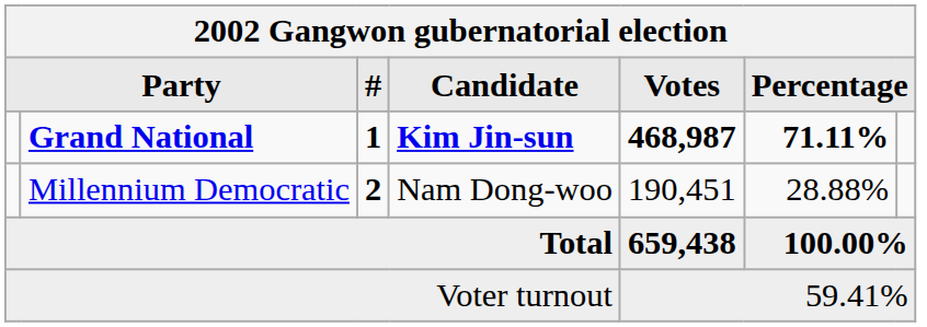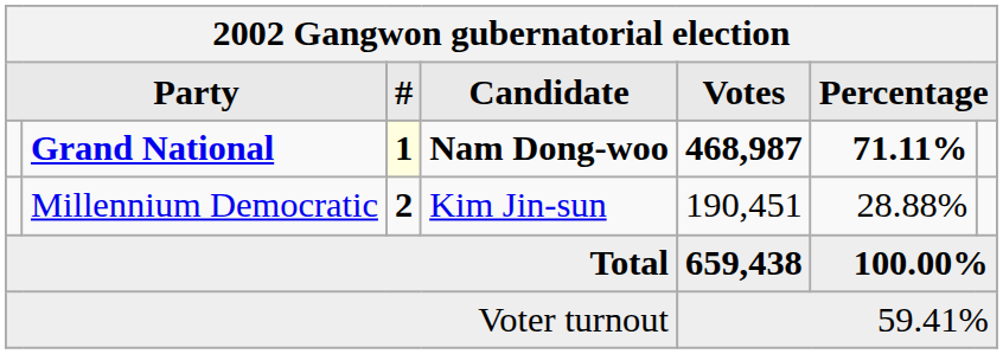 <table class="wikitable">
 <tr>
 <th colspan="7">2002 Gangwon gubernatorial election</th>
 </tr>
 <tr>
 <th style="background-color:#E9E9E9" colspan=2>Party</th>
 <th style="background-color:#E9E9E9">#</th>
 <th style="background-color:#E9E9E9">Candidate</th>
 <th style="background-color:#E9E9E9">Votes</th>
 <th style="background-color:#E9E9E9" colspan=2>Percentage</th>
 </tr>
 <tr style="font-weight:bold">
 <td></td>
 <td align=left><a href='#'>Grand National</a></td>
-<td align=center>1</td>
-<td align=left><a href='#'>Kim Jin-sun</a></td>
+<td align=center style="background: lightyellow;">1</td>
+<td align=left>Nam Dong-woo</td>
 <td align=right>468,987</td>
 <td align=right>71.11%</td>
 <td align=right></td>
 </tr>
 <tr>
 <td></td>
 <td align=left><a href='#'>Millennium Democratic</a></td>
 <td align=center><strong>2</strong></td>
-<td align=left>Nam Dong-woo</td>
+<td align=left><a href='#'>Kim Jin-sun</a></td>
 <td align=right>190,451</td>
 <td align=right>28.88%</td>
 <td align=right></td>
 </tr>
 <tr bgcolor="#EEEEEE" style="font-weight:bold">
 <td colspan="4" align=right>Total</td>
 <td align=right>659,438</td>
 <td align=right colspan=2>100.00%</td>
 </tr>
 <tr bgcolor="#EEEEEE">
 <td colspan="4" align="right">Voter turnout</td>
 <td colspan="3" align="right">59.41%</td>
 </tr>
 </table>
